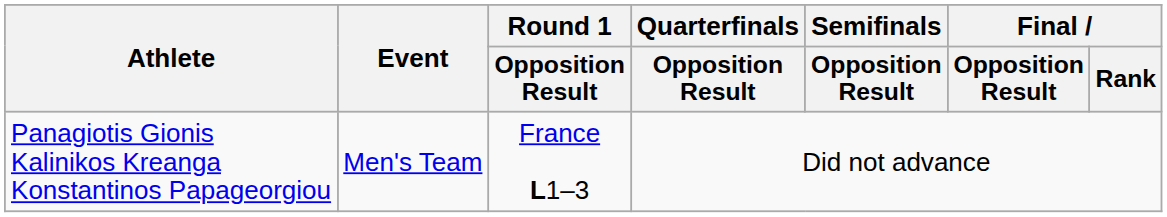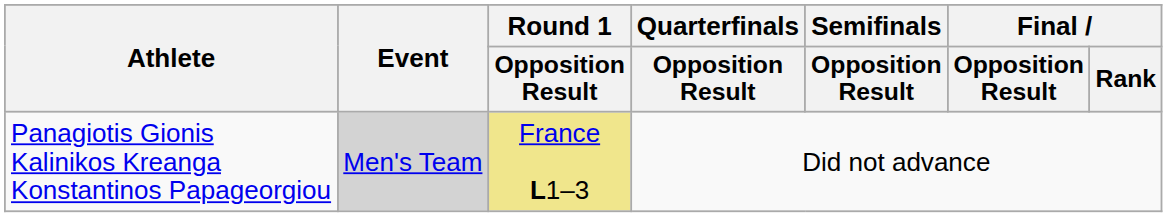 <table class="wikitable" style="font-size:90%;">
 <tr>
 <th rowspan=2>Athlete</th>
 <th rowspan=2>Event</th>
 <th>Round 1</th>
 <th>Quarterfinals</th>
 <th>Semifinals</th>
 <th colspan=2>Final / </th>
 </tr>
 <tr style="font-size:95%">
 <th>Opposition<br>Result</th>
 <th>Opposition<br>Result</th>
 <th>Opposition<br>Result</th>
 <th>Opposition<br>Result</th>
 <th>Rank</th>
 </tr>
 <tr align=center>
 <td align=left><a href='#'>Panagiotis Gionis</a><br><a href='#'>Kalinikos Kreanga</a><br><a href='#'>Konstantinos Papageorgiou</a></td>
-<td align=left><a href='#'>Men's Team</a></td>
-<td><a href='#'>France</a><br><br><strong>L</strong>1–3</td>
+<td align=left style="background: lightgrey;"><a href='#'>Men's Team</a></td>
+<td style="background: khaki;"><a href='#'>France</a><br><br><strong>L</strong>1–3</td>
 <td colspan=4>Did not advance</td>
 </tr>
 </table>
